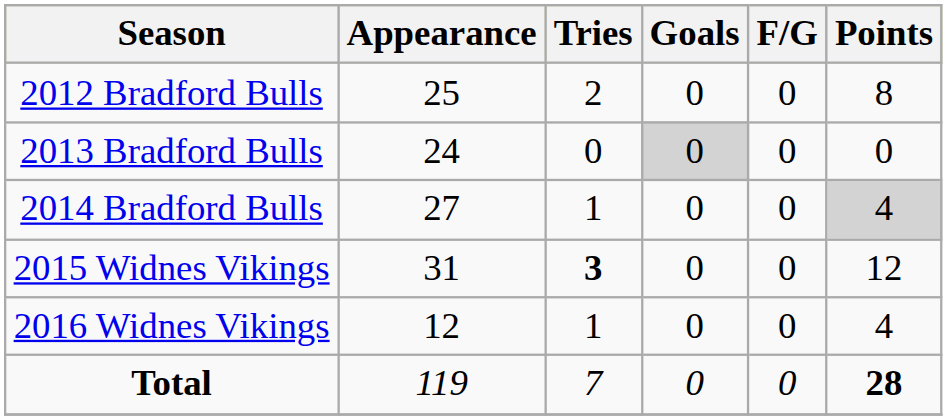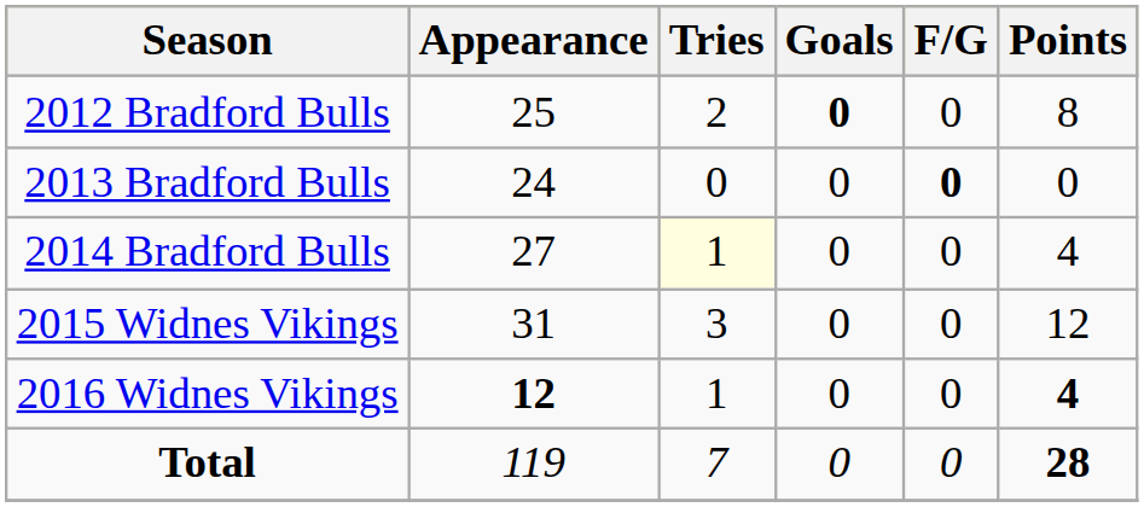 <table class="wikitable" style="text-align:center;">
 <tr bgcolor=#bdb76b>
 <th>Season</th>
 <th>Appearance</th>
 <th>Tries</th>
 <th>Goals</th>
 <th>F/G</th>
 <th>Points</th>
 </tr>
 <tr>
 <td><a href='#'>2012 Bradford Bulls</a></td>
 <td>25</td>
 <td>2</td>
-<td>0</td>
+<td><strong>0</strong></td>
 <td>0</td>
 <td>8</td>
 </tr>
 <tr>
 <td><a href='#'>2013 Bradford Bulls</a></td>
 <td>24</td>
 <td>0</td>
-<td style="background: lightgrey;">0</td>
 <td>0</td>
+<td><strong>0</strong></td>
 <td>0</td>
 </tr>
 <tr>
 <td><a href='#'>2014 Bradford Bulls</a></td>
 <td>27</td>
-<td>1</td>
+<td style="background: lightyellow;">1</td>
 <td>0</td>
 <td>0</td>
-<td style="background: lightgrey;">4</td>
+<td>4</td>
 </tr>
 <tr>
 <td><a href='#'>2015 Widnes Vikings</a></td>
 <td>31</td>
-<td><strong>3</strong></td>
+<td>3</td>
 <td>0</td>
 <td>0</td>
 <td>12</td>
 </tr>
 <tr>
 <td><a href='#'>2016 Widnes Vikings</a></td>
-<td>12</td>
+<td><strong>12</strong></td>
 <td>1</td>
 <td>0</td>
 <td>0</td>
-<td>4</td>
+<td><strong>4</strong></td>
 </tr>
 <tr>
 <td><strong>Total</strong></td>
 <td><em>119</em></td>
 <td><em>7</em></td>
 <td><em>0</em></td>
 <td><em>0</em></td>
 <td><strong>28</strong></td>
 </tr>
 <tr>
 </tr>
 </table>
